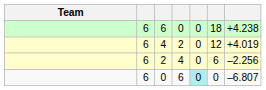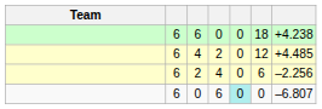 <table class="wikitable" style="text-align:center">
 <tr>
 <th width=200>Team</th>
 <th width=20></th>
 <th width=20></th>
 <th width=20></th>
 <th width=20></th>
 <th width=20></th>
 <th width=45></th>
 </tr>
 <tr style="background:#cfc">
 <td align="left"></td>
 <td>6</td>
 <td>6</td>
 <td>0</td>
 <td>0</td>
 <td>18</td>
 <td>+4.238</td>
 </tr>
 <tr style="background:#ffc;">
 <td align="left"></td>
 <td>6</td>
 <td>4</td>
 <td>2</td>
 <td>0</td>
 <td>12</td>
-<td>+4.019</td>
+<td>+4.485</td>
 </tr>
 <tr style="background:#ffc;">
 <td align="left"></td>
 <td>6</td>
 <td>2</td>
 <td>4</td>
 <td>0</td>
 <td>6</td>
 <td>–2.256</td>
 </tr>
 <tr>
 <td align="left"></td>
 <td>6</td>
 <td>0</td>
 <td>6</td>
 <td style="background: paleturquoise;">0</td>
 <td>0</td>
 <td>–6.807</td>
 </tr>
 </table>
